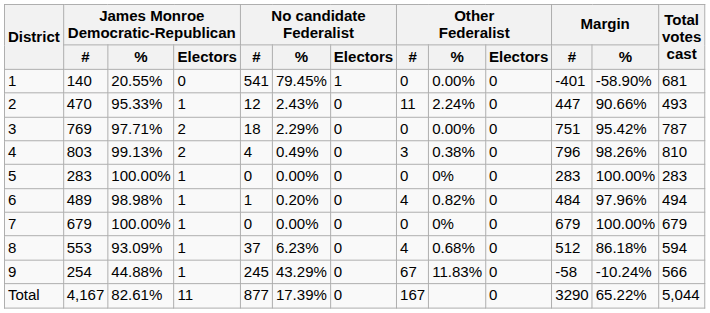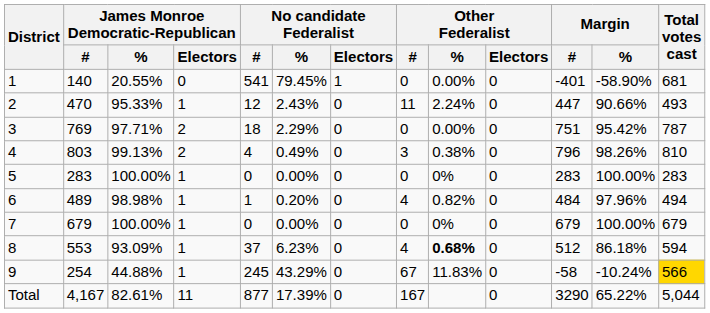 <table class="wikitable sortable">
 <tr>
 <th rowspan="2">District</th>
 <th colspan="3" >James Monroe<br>Democratic-Republican</th>
 <th colspan="3" >No candidate<br>Federalist</th>
 <th colspan="3" >Other<br>Federalist</th>
 <th colspan="2">Margin</th>
 <th rowspan="2">Total<br>votes<br>cast</th>
 </tr>
 <tr>
 <th>#</th>
 <th>%</th>
 <th>Electors</th>
 <th>#</th>
 <th>%</th>
 <th>Electors</th>
 <th>#</th>
 <th>%</th>
 <th>Electors</th>
 <th>#</th>
 <th>%</th>
 </tr>
 <tr>
 <td>1</td>
 <td>140</td>
 <td>20.55%</td>
 <td>0</td>
 <td>541</td>
 <td>79.45%</td>
 <td>1</td>
 <td>0</td>
 <td>0.00%</td>
 <td>0</td>
 <td>-401</td>
 <td>-58.90%</td>
 <td>681</td>
 </tr>
 <tr>
 <td>2</td>
 <td>470</td>
 <td>95.33%</td>
 <td>1</td>
 <td>12</td>
 <td>2.43%</td>
 <td>0</td>
 <td>11</td>
 <td>2.24%</td>
 <td>0</td>
 <td>447</td>
 <td>90.66%</td>
 <td>493</td>
 </tr>
 <tr>
 <td>3</td>
 <td>769</td>
 <td>97.71%</td>
 <td>2</td>
 <td>18</td>
 <td>2.29%</td>
 <td>0</td>
 <td>0</td>
 <td>0.00%</td>
 <td>0</td>
 <td>751</td>
 <td>95.42%</td>
 <td>787</td>
 </tr>
 <tr>
 <td>4</td>
 <td>803</td>
 <td>99.13%</td>
 <td>2</td>
 <td>4</td>
 <td>0.49%</td>
 <td>0</td>
 <td>3</td>
 <td>0.38%</td>
 <td>0</td>
 <td>796</td>
 <td>98.26%</td>
 <td>810</td>
 </tr>
 <tr>
 <td>5</td>
 <td>283</td>
 <td>100.00%</td>
 <td>1</td>
 <td>0</td>
 <td>0.00%</td>
 <td>0</td>
 <td>0</td>
 <td>0%</td>
 <td>0</td>
 <td>283</td>
 <td>100.00%</td>
 <td>283</td>
 </tr>
 <tr>
 <td>6</td>
 <td>489</td>
 <td>98.98%</td>
 <td>1</td>
 <td>1</td>
 <td>0.20%</td>
 <td>0</td>
 <td>4</td>
 <td>0.82%</td>
 <td>0</td>
 <td>484</td>
 <td>97.96%</td>
 <td>494</td>
 </tr>
 <tr>
 <td>7</td>
 <td>679</td>
 <td>100.00%</td>
 <td>1</td>
 <td>0</td>
 <td>0.00%</td>
 <td>0</td>
 <td>0</td>
 <td>0%</td>
 <td>0</td>
 <td>679</td>
 <td>100.00%</td>
 <td>679</td>
 </tr>
 <tr>
 <td>8</td>
 <td>553</td>
 <td>93.09%</td>
 <td>1</td>
 <td>37</td>
 <td>6.23%</td>
 <td>0</td>
 <td>4</td>
-<td>0.68%</td>
+<td><strong>0.68%</strong></td>
 <td>0</td>
 <td>512</td>
 <td>86.18%</td>
 <td>594</td>
 </tr>
 <tr>
 <td>9</td>
 <td>254</td>
 <td>44.88%</td>
 <td>1</td>
 <td>245</td>
 <td>43.29%</td>
 <td>0</td>
 <td>67</td>
 <td>11.83%</td>
 <td>0</td>
 <td>-58</td>
 <td>-10.24%</td>
-<td>566</td>
+<td style="background: gold;">566</td>
 </tr>
 <tr>
 <td>Total</td>
 <td>4,167</td>
 <td>82.61%</td>
 <td>11</td>
 <td>877</td>
 <td>17.39%</td>
 <td>0</td>
 <td>167</td>
 <td></td>
 <td>0</td>
 <td>3290</td>
 <td>65.22%</td>
 <td>5,044</td>
 </tr>
 </table>
